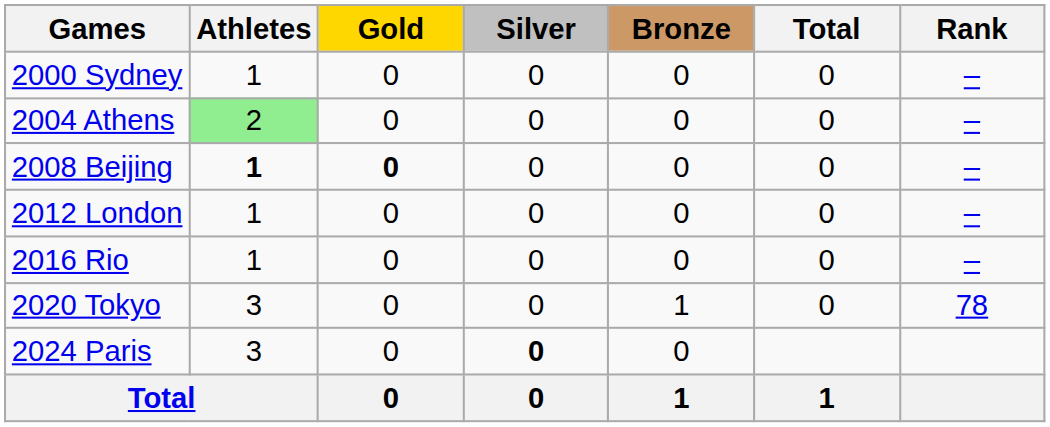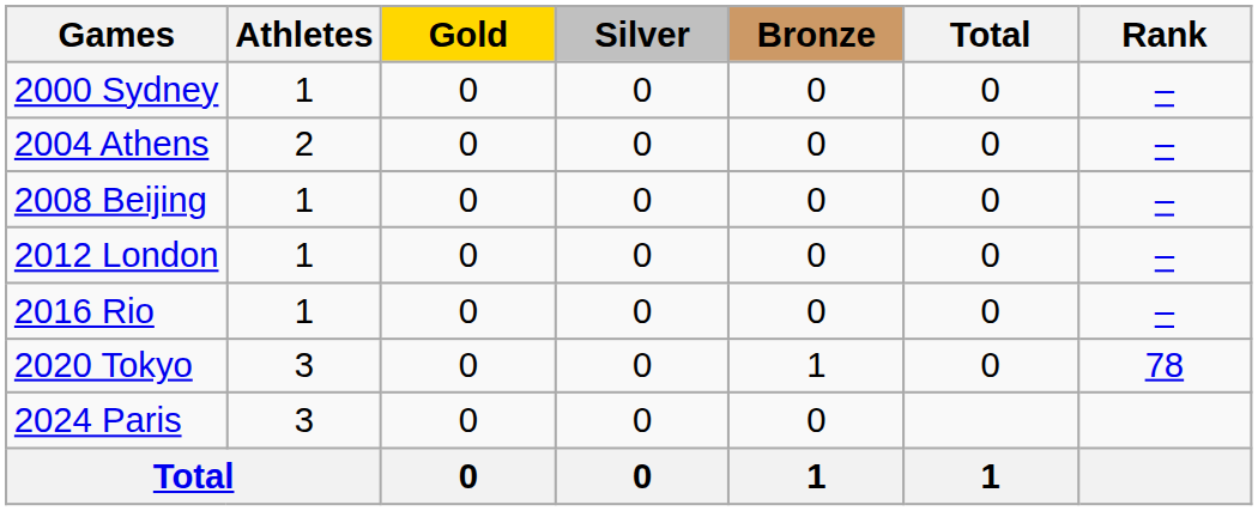 <table class="wikitable" style="text-align:center; font-size:90%;">
 <tr>
 <th>Games</th>
 <th>Athletes</th>
 <td style="background:gold; width:4.5em; font-weight:bold;">Gold</td>
 <td style="background:silver; width:4.5em; font-weight:bold;">Silver</td>
 <td style="background:#cc9966; width:4.5em; font-weight:bold;">Bronze</td>
 <th style="width:4.5em; font-weight:bold;">Total</th>
 <th style="width:4.5em; font-weight:bold;">Rank</th>
 </tr>
 <tr>
 <td align=left> <a href='#'>2000 Sydney</a></td>
 <td>1</td>
 <td>0</td>
 <td>0</td>
 <td>0</td>
 <td>0</td>
 <td><a href='#'>–</a></td>
 </tr>
 <tr>
 <td align=left> <a href='#'>2004 Athens</a></td>
-<td style="background: lightgreen;">2</td>
+<td>2</td>
 <td>0</td>
 <td>0</td>
 <td>0</td>
 <td>0</td>
 <td><a href='#'>–</a></td>
 </tr>
 <tr>
 <td align=left> <a href='#'>2008 Beijing</a></td>
-<td><strong>1</strong></td>
-<td><strong>0</strong></td>
+<td>1</td>
+<td>0</td>
 <td>0</td>
 <td>0</td>
 <td>0</td>
 <td><a href='#'>–</a></td>
 </tr>
 <tr>
 <td align=left> <a href='#'>2012 London</a></td>
 <td>1</td>
 <td>0</td>
 <td>0</td>
 <td>0</td>
 <td>0</td>
 <td><a href='#'>–</a></td>
 </tr>
 <tr>
 <td align=left> <a href='#'>2016 Rio</a></td>
 <td>1</td>
 <td>0</td>
 <td>0</td>
 <td>0</td>
 <td>0</td>
 <td><a href='#'>–</a></td>
 </tr>
 <tr>
 <td align=left> <a href='#'>2020 Tokyo</a></td>
 <td>3</td>
 <td>0</td>
 <td>0</td>
 <td>1</td>
 <td>0</td>
 <td><a href='#'>78</a></td>
 </tr>
 <tr>
 <td align=left> <a href='#'>2024 Paris</a></td>
 <td>3</td>
 <td>0</td>
-<td><strong>0</strong></td>
+<td>0</td>
 <td>0</td>
 <td -></td>
 </tr>
 <tr>
 <th colspan="2"><a href='#'>Total</a></th>
 <th>0</th>
 <th>0</th>
 <th>1</th>
 <th>1</th>
 <th></th>
 </tr>
 </table>
